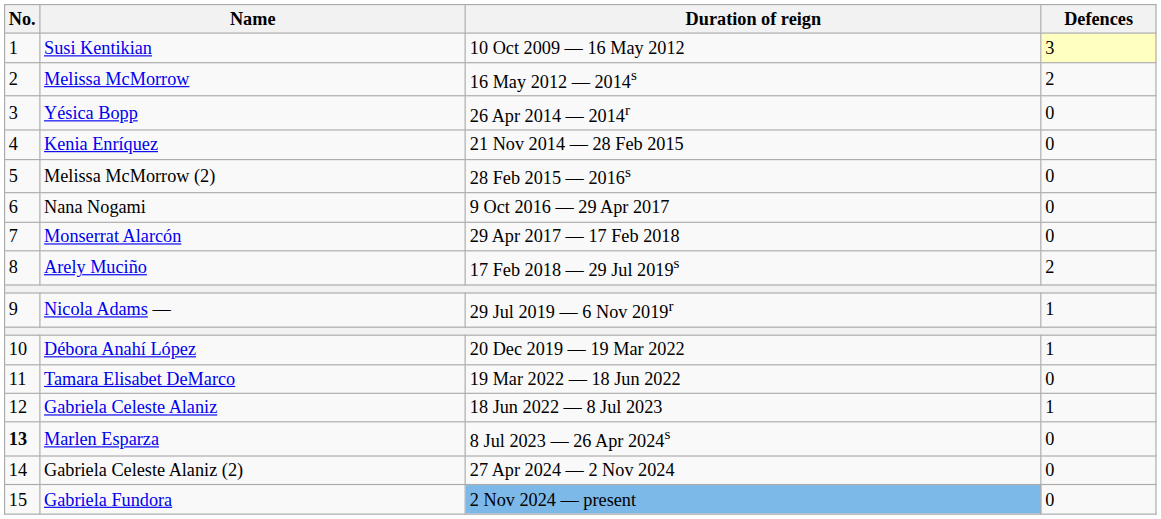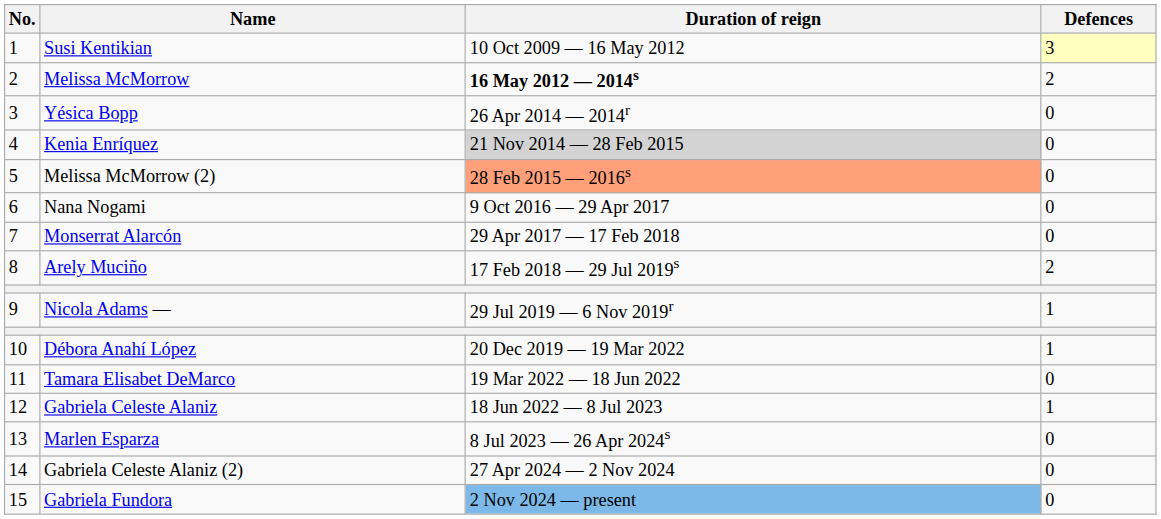 <table class="wikitable" width=80%>
 <tr>
 <th width=3%>No.</th>
 <th width=37%>Name</th>
 <th width=50%>Duration of reign</th>
 <th width=10%>Defences</th>
 </tr>
 <tr>
 <td>1</td>
 <td align=left> <a href='#'>Susi Kentikian</a></td>
 <td>10 Oct 2009 — 16 May 2012</td>
 <td style="background:#ffffbf;" width=5px>3</td>
 </tr>
 <tr>
 <td>2</td>
 <td align=left> <a href='#'>Melissa McMorrow</a></td>
-<td>16 May 2012 — 2014<sup>s</sup></td>
+<td><strong>16 May 2012 — 2014<sup>s</sup></strong></td>
 <td>2</td>
 </tr>
 <tr>
 <td>3</td>
 <td align=left> <a href='#'>Yésica Bopp</a></td>
 <td>26 Apr 2014 — 2014<sup>r</sup></td>
 <td>0</td>
 </tr>
 <tr>
 <td>4</td>
 <td align=left> <a href='#'>Kenia Enríquez</a></td>
-<td>21 Nov 2014 — 28 Feb 2015</td>
+<td style="background: lightgrey;">21 Nov 2014 — 28 Feb 2015</td>
 <td>0</td>
 </tr>
 <tr>
 <td>5</td>
 <td align=left> Melissa McMorrow (2)</td>
-<td>28 Feb 2015 — 2016<sup>s</sup></td>
+<td style="background: lightsalmon;">28 Feb 2015 — 2016<sup>s</sup></td>
 <td>0</td>
 </tr>
 <tr>
 <td>6</td>
 <td align=left> Nana Nogami</td>
 <td>9 Oct 2016 — 29 Apr 2017</td>
 <td>0</td>
 </tr>
 <tr>
 <td>7</td>
 <td align=left> <a href='#'>Monserrat Alarcón</a></td>
 <td>29 Apr 2017 — 17 Feb 2018</td>
 <td>0</td>
 </tr>
 <tr>
 <td>8</td>
 <td align=left> <a href='#'>Arely Muciño</a></td>
 <td>17 Feb 2018 — 29 Jul 2019<sup>s</sup></td>
 <td>2</td>
 </tr>
 <tr align=center>
 <th colspan="4"></th>
 </tr>
 <tr>
 <td>9</td>
 <td align=left> <a href='#'>Nicola Adams</a> — </td>
 <td>29 Jul 2019 — 6 Nov 2019<sup>r</sup></td>
 <td>1</td>
 </tr>
 <tr align=center>
 <th colspan="4"></th>
 </tr>
 <tr>
 <td>10</td>
 <td align=left> <a href='#'>Débora Anahí López</a></td>
 <td>20 Dec 2019 — 19 Mar 2022</td>
 <td>1</td>
 </tr>
 <tr>
 <td>11</td>
 <td align=left> <a href='#'>Tamara Elisabet DeMarco</a></td>
 <td>19 Mar 2022 — 18 Jun 2022</td>
 <td>0</td>
 </tr>
 <tr>
 <td>12</td>
 <td align=left> <a href='#'>Gabriela Celeste Alaniz</a></td>
 <td>18 Jun 2022 — 8 Jul 2023</td>
 <td>1</td>
 </tr>
 <tr>
-<td><strong>13</strong></td>
+<td>13</td>
 <td align=left> <a href='#'>Marlen Esparza</a></td>
 <td>8 Jul 2023 — 26 Apr 2024<sup>s</sup></td>
 <td>0</td>
 </tr>
 <tr>
 <td>14</td>
 <td align=left> Gabriela Celeste Alaniz (2)</td>
 <td>27 Apr 2024 — 2 Nov 2024</td>
 <td>0</td>
 </tr>
 <tr>
 <td>15</td>
 <td align=left> <a href='#'>Gabriela Fundora</a></td>
 <td style="background:#7CB9E8;" width=5px>2 Nov 2024 — present</td>
 <td>0</td>
 </tr>
 </table>
